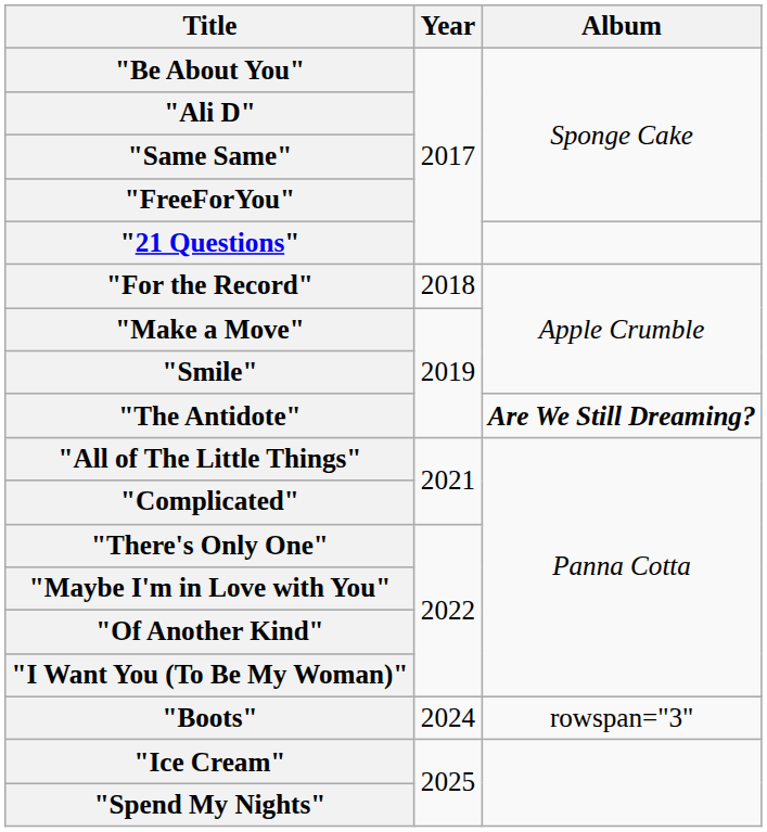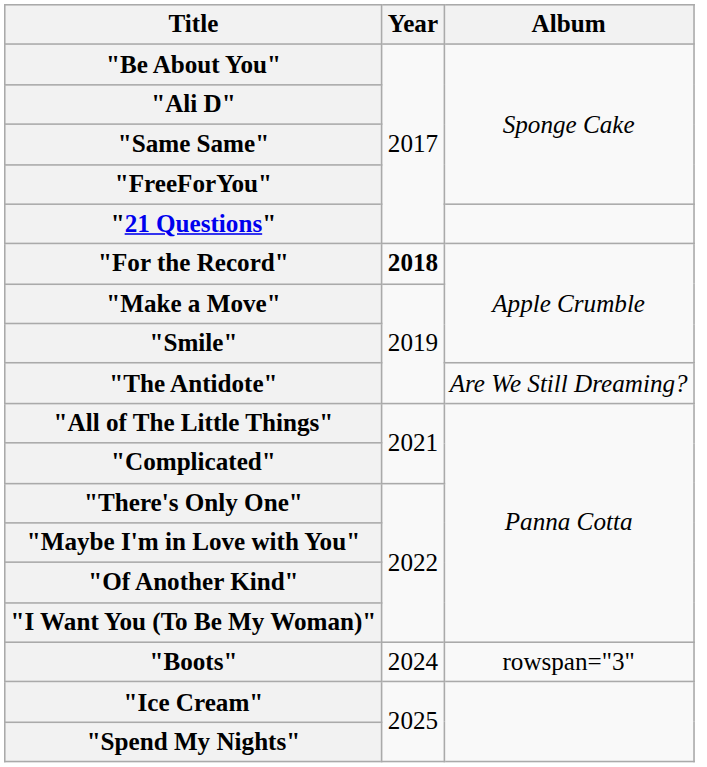 <table class="wikitable plainrowheaders" style="text-align:center;">
 <tr>
 <th scope="col">Title</th>
 <th scope="col">Year</th>
 <th scope="col">Album</th>
 </tr>
 <tr>
 <th scope="row">"Be About You"</th>
 <td rowspan="5">2017</td>
 <td rowspan="4"><em>Sponge Cake</em></td>
 </tr>
 <tr>
 <th scope="row">"Ali D"</th>
 </tr>
 <tr>
 <th scope="row">"Same Same"</th>
 </tr>
 <tr>
 <th scope="row">"FreeForYou"<br></th>
 </tr>
 <tr>
 <th scope="row">"<a href='#'>21 Questions</a>"<br></th>
 <td></td>
 </tr>
 <tr>
 <th scope="row">"For the Record"</th>
-<td>2018</td>
+<td><strong>2018</strong></td>
 <td rowspan="3"><em>Apple Crumble</em></td>
 </tr>
 <tr>
 <th scope="row">"Make a Move"</th>
 <td rowspan="3">2019</td>
 </tr>
 <tr>
 <th scope="row">"Smile"</th>
 </tr>
 <tr>
 <th scope="row">"The Antidote"<br></th>
-<td><strong><em>Are We Still Dreaming?</em></strong></td>
+<td><em>Are We Still Dreaming?</em></td>
 </tr>
 <tr>
 <th scope="row">"All of The Little Things"<br></th>
 <td rowspan="2">2021</td>
 <td rowspan="6"><em>Panna Cotta</em></td>
 </tr>
 <tr>
 <th scope="row">"Complicated"<br></th>
 </tr>
 <tr>
 <th scope="row">"There's Only One"<br></th>
 <td rowspan="4">2022</td>
 </tr>
 <tr>
 <th scope="row">"Maybe I'm in Love with You"<br></th>
 </tr>
 <tr>
 <th scope="row">"Of Another Kind"<br></th>
 </tr>
 <tr>
 <th scope="row">"I Want You (To Be My Woman)"<br></th>
 </tr>
 <tr>
 <th scope="row">"Boots"</th>
 <td>2024</td>
 <td>rowspan="3" </td>
 </tr>
 <tr>
 <th scope="row">"Ice Cream"</th>
 <td rowspan="2">2025</td>
 </tr>
 <tr>
 <th scope="row">"Spend My Nights"</th>
 </tr>
 </table>
